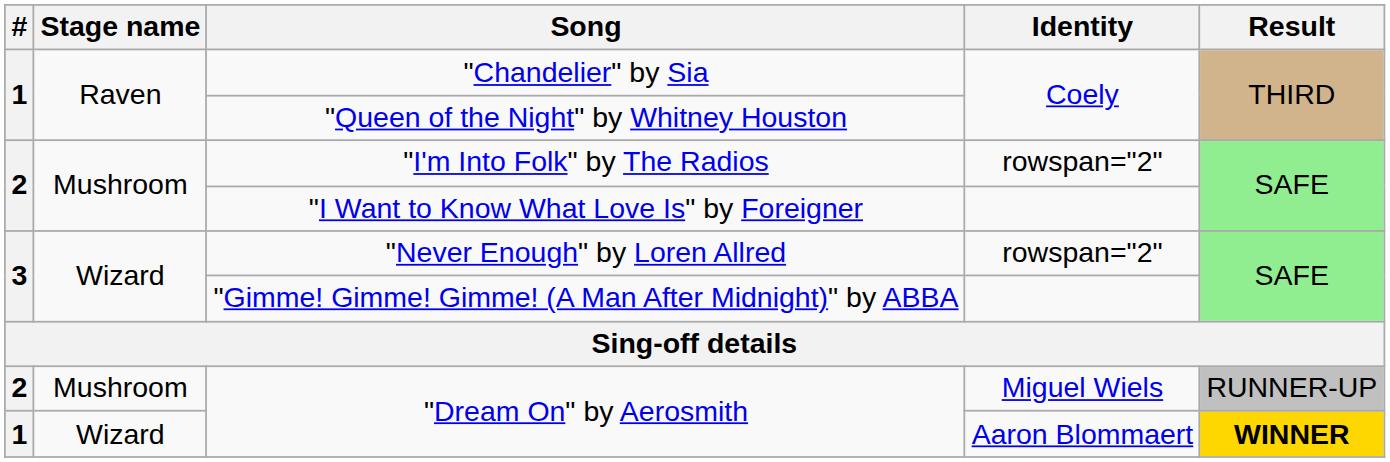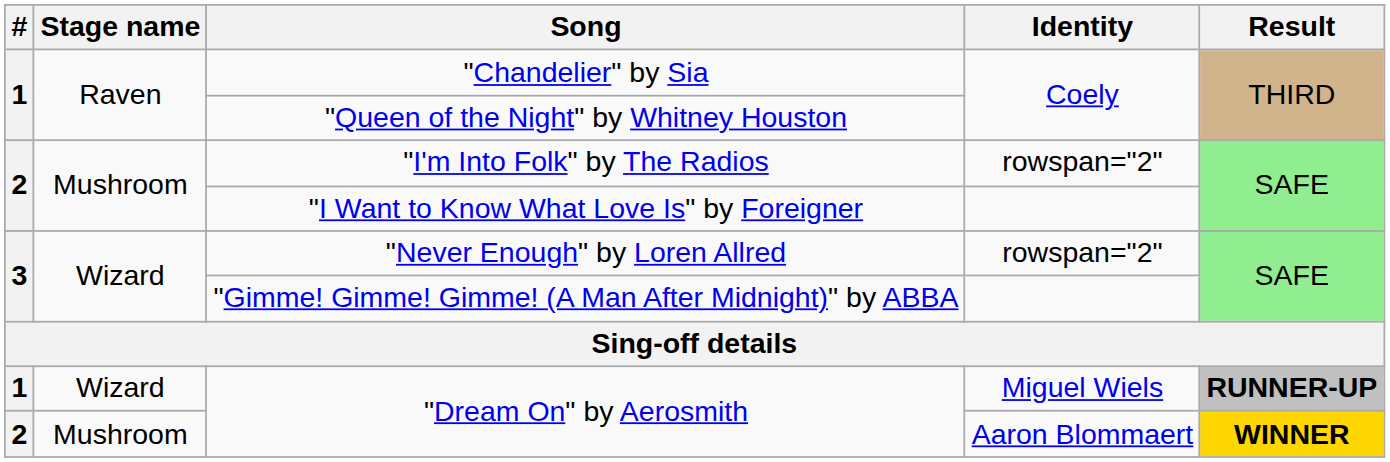 <table class="wikitable plainrowheaders" style="text-align: center;">
 <tr>
 <th>#</th>
 <th>Stage name</th>
 <th>Song</th>
 <th>Identity</th>
 <th>Result</th>
 </tr>
 <tr>
 <th rowspan="2">1</th>
 <td rowspan="2">Raven</td>
 <td>"<a href='#'>Chandelier</a>" by <a href='#'>Sia</a></td>
 <td rowspan="2"><a href='#'>Coely</a></td>
 <td rowspan="2" bgcolor=tan>THIRD</td>
 </tr>
 <tr>
 <td>"<a href='#'>Queen of the Night</a>" by <a href='#'>Whitney Houston</a></td>
 </tr>
 <tr>
 <th rowspan="2">2</th>
 <td rowspan="2">Mushroom</td>
 <td>"<a href='#'>I'm Into Folk</a>" by <a href='#'>The Radios</a></td>
 <td>rowspan="2" </td>
 <td rowspan="2" bgcolor=lightgreen>SAFE</td>
 </tr>
 <tr>
 <td>"<a href='#'>I Want to Know What Love Is</a>" by <a href='#'>Foreigner</a></td>
 </tr>
 <tr>
 <th rowspan="2">3</th>
 <td rowspan="2">Wizard</td>
 <td>"<a href='#'>Never Enough</a>" by <a href='#'>Loren Allred</a></td>
 <td>rowspan="2" </td>
 <td rowspan="2" bgcolor=lightgreen>SAFE</td>
 </tr>
 <tr>
 <td>"<a href='#'>Gimme! Gimme! Gimme! (A Man After Midnight)</a>" by <a href='#'>ABBA</a></td>
 </tr>
 <tr>
 <th colspan="5">Sing-off details</th>
 </tr>
 <tr>
+<th>1</th>
+<td>Wizard</td>
+<td rowspan="2">"<a href='#'>Dream On</a>" by <a href='#'>Aerosmith</a></td>
+<td><a href='#'>Miguel Wiels</a></td>
+<td bgcolor=silver><strong>RUNNER-UP</strong></td>
+</tr>
+<tr>
 <th>2</th>
 <td>Mushroom</td>
-<td rowspan="2">"<a href='#'>Dream On</a>" by <a href='#'>Aerosmith</a></td>
-<td><a href='#'>Miguel Wiels</a></td>
-<td bgcolor=silver>RUNNER-UP</td>
-</tr>
-<tr>
-<th>1</th>
-<td>Wizard</td>
 <td><a href='#'>Aaron Blommaert</a></td>
 <td bgcolor=gold><strong>WINNER</strong></td>
 </tr>
 </table>
